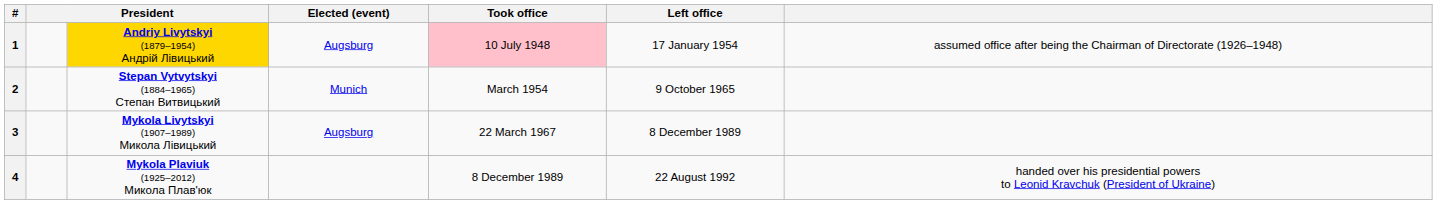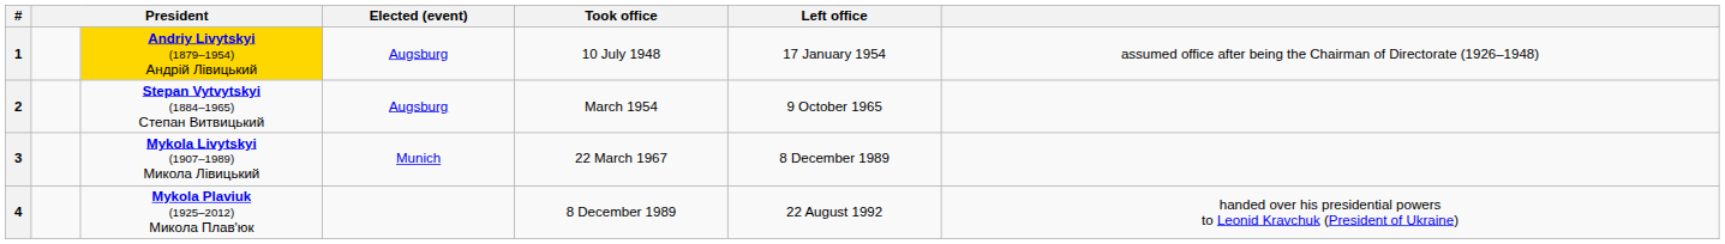 <table class="wikitable noresize" width="100%" style="text-align:center;">
 <tr>
 <th>#</th>
 <th colspan=2>President</th>
 <th>Elected (event)</th>
 <th>Took office</th>
 <th>Left office</th>
 <th></th>
 </tr>
 <tr>
 <th style="background:">1</th>
 <td width="50px"></td>
 <td style="background: gold;"><strong><a href='#'>Andriy Livytskyi</a></strong><br><small>(1879–1954)</small><br>Андрій Лівицький</td>
 <td><a href='#'>Augsburg</a></td>
-<td style="background: pink;">10 July 1948</td>
+<td>10 July 1948</td>
 <td>17 January 1954</td>
 <td>assumed office after being the Chairman of Directorate (1926–1948)</td>
 </tr>
 <tr>
 <th style="background:">2</th>
 <td width="50px"></td>
 <td><strong><a href='#'>Stepan Vytvytskyi</a></strong><br><small>(1884–1965)</small><br>Степан Витвицький</td>
-<td><a href='#'>Munich</a></td>
+<td><a href='#'>Augsburg</a></td>
 <td>March 1954</td>
 <td>9 October 1965</td>
 <td></td>
 </tr>
 <tr>
 <th style="background:">3</th>
 <td width="50px"></td>
 <td><strong><a href='#'>Mykola Livytskyi</a></strong><br><small>(1907–1989)</small><br>Микола Лівицький</td>
-<td><a href='#'>Augsburg</a></td>
+<td><a href='#'>Munich</a></td>
 <td>22 March 1967</td>
 <td>8 December 1989</td>
 <td></td>
 </tr>
 <tr>
 <th style="background:">4</th>
 <td width="50px"></td>
 <td><strong><a href='#'>Mykola Plaviuk</a></strong><br><small>(1925–2012)</small><br>Микола Плав'юк</td>
 <td></td>
 <td>8 December 1989</td>
 <td>22 August 1992</td>
 <td>handed over his presidential powers<br>to <a href='#'>Leonid Kravchuk</a> (<a href='#'>President of Ukraine</a>)</td>
 </tr>
 </table>
